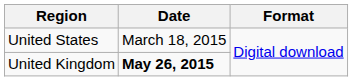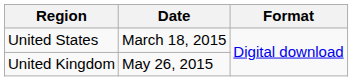 <table class=wikitable>
 <tr>
 <th>Region</th>
 <th>Date</th>
 <th>Format</th>
 </tr>
 <tr>
 <td>United States</td>
 <td>March 18, 2015</td>
 <td rowspan="2"><a href='#'>Digital download</a></td>
 </tr>
 <tr>
 <td>United Kingdom</td>
-<td><strong>May 26, 2015</strong></td>
+<td>May 26, 2015</td>
 </tr>
 </table>
